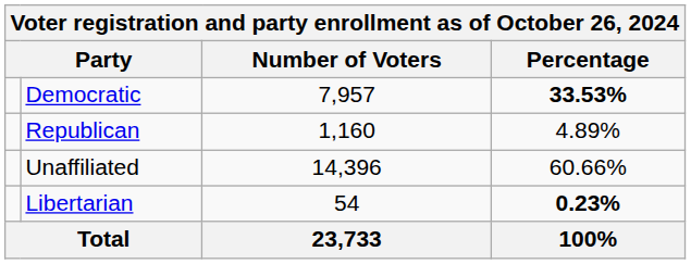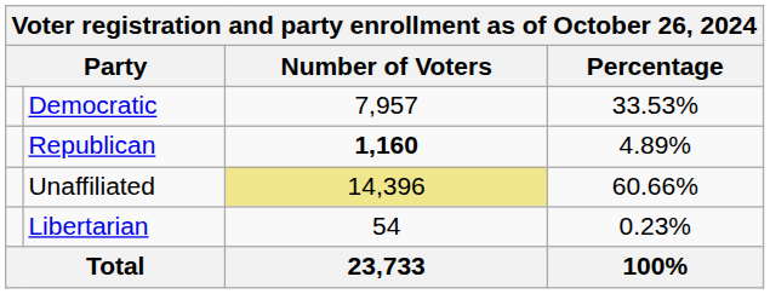 <table class=wikitable>
 <tr>
 <th colspan = 6>Voter registration and party enrollment as of October 26, 2024</th>
 </tr>
 <tr>
 <th colspan = 2>Party</th>
 <th>Number of Voters</th>
 <th>Percentage</th>
 </tr>
 <tr>
 <td></td>
 <td><a href='#'>Democratic</a></td>
 <td style="text-align:center;">7,957</td>
-<td style="text-align:center;"><strong>33.53%</strong></td>
+<td style="text-align:center;">33.53%</td>
 </tr>
 <tr>
 <td></td>
 <td><a href='#'>Republican</a></td>
-<td style="text-align:center;">1,160</td>
+<td style="text-align:center;"><strong>1,160</strong></td>
 <td style="text-align:center;">4.89%</td>
 </tr>
 <tr>
 <td></td>
 <td>Unaffiliated</td>
-<td style="text-align:center;">14,396</td>
+<td style="background: khaki; text-align:center;">14,396</td>
 <td style="text-align:center;">60.66%</td>
 </tr>
 <tr>
 <td></td>
 <td><a href='#'>Libertarian</a></td>
 <td style="text-align:center;">54</td>
-<td style="text-align:center;"><strong>0.23%</strong></td>
+<td style="text-align:center;">0.23%</td>
 </tr>
 <tr>
 <th colspan = 2>Total</th>
 <th style="text-align:center;">23,733</th>
 <th style="text-align:center;">100%</th>
 </tr>
 </table>
